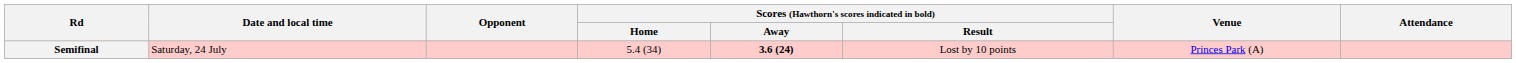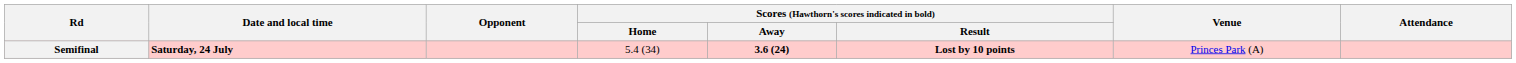 <table class="wikitable" style="font-size:90%; text-align:center; width: 100%; margin-left: auto; margin-right: auto">
 <tr>
 <th rowspan="2">Rd</th>
 <th rowspan="2">Date and local time</th>
 <th rowspan="2">Opponent</th>
 <th colspan="3">Scores <small>(Hawthorn's scores indicated in bold)</small></th>
 <th rowspan="2">Venue</th>
 <th rowspan="2">Attendance</th>
 </tr>
 <tr>
 <th>Home</th>
 <th>Away</th>
 <th>Result</th>
 </tr>
 <tr style="background:#fcc;">
 <th>Semifinal</th>
-<td align=left>Saturday, 24 July</td>
+<td align=left><strong>Saturday, 24 July</strong></td>
 <td align=left></td>
 <td>5.4 (34)</td>
 <td><strong>3.6 (24)</strong></td>
-<td>Lost by 10 points</td>
+<td><strong>Lost by 10 points</strong></td>
 <td><a href='#'>Princes Park</a> (A)</td>
 <td></td>
 </tr>
 </table>
